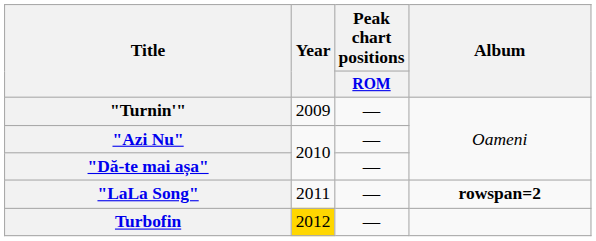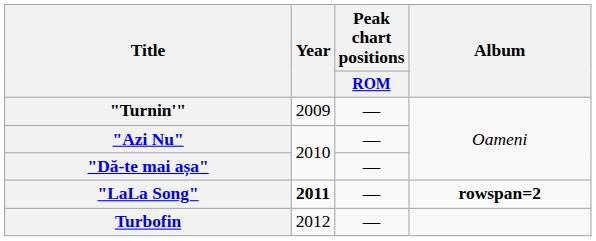 <table class="wikitable plainrowheaders" style="text-align:center;">
 <tr>
 <th scope="col" rowspan="2" style="width:16em;">Title</th>
 <th scope="col" rowspan="2">Year</th>
 <th scope="col" colspan="1">Peak chart positions</th>
 <th scope="col" rowspan="2" style="width:10em;">Album</th>
 </tr>
 <tr>
 <th scope="col" style="width:2.5em;font-size:90%;"><a href='#'>ROM</a></th>
 </tr>
 <tr>
 <th scope="row">"Turnin'"<br></th>
 <td>2009</td>
 <td>—</td>
 <td rowspan=3><em>Oameni</em></td>
 </tr>
 <tr>
 <th scope="row"><a href='#'>"Azi Nu"</a><br></th>
 <td rowspan=2>2010</td>
 <td>—</td>
 </tr>
 <tr>
 <th scope="row"><a href='#'>"Dă-te mai așa"</a></th>
 <td>—</td>
 </tr>
 <tr>
 <th scope="row"><a href='#'>"LaLa Song"</a></th>
-<td>2011</td>
+<td><strong>2011</strong></td>
 <td>—</td>
 <td><strong>rowspan=2 </strong></td>
 </tr>
 <tr>
 <th scope="row"><a href='#'>Turbofin</a></th>
-<td style="background: gold;">2012</td>
+<td>2012</td>
 <td>—</td>
 </tr>
 </table>
